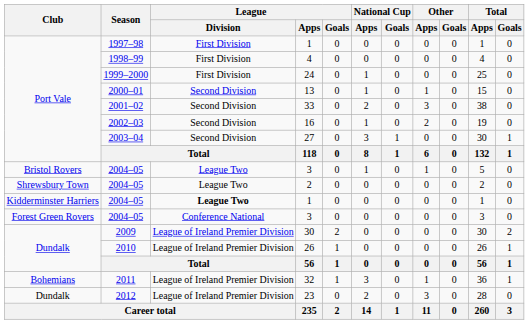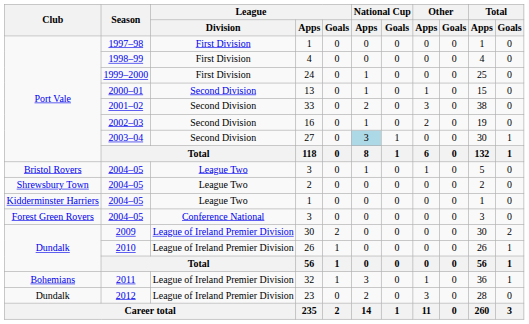 <table class="wikitable" style="text-align:center">
 <tr>
 <th rowspan="2">Club</th>
 <th rowspan="2">Season</th>
 <th colspan="3">League</th>
 <th colspan="2">National Cup</th>
 <th colspan="2">Other</th>
 <th colspan="2">Total</th>
 </tr>
 <tr>
 <th>Division</th>
 <th>Apps</th>
 <th>Goals</th>
 <th>Apps</th>
 <th>Goals</th>
 <th>Apps</th>
 <th>Goals</th>
 <th>Apps</th>
 <th>Goals</th>
 </tr>
 <tr>
 <td rowspan="8"><a href='#'>Port Vale</a></td>
 <td><a href='#'>1997–98</a></td>
 <td><a href='#'>First Division</a></td>
 <td>1</td>
 <td>0</td>
 <td>0</td>
 <td>0</td>
 <td>0</td>
 <td>0</td>
 <td>1</td>
 <td>0</td>
 </tr>
 <tr>
 <td><a href='#'>1998–99</a></td>
 <td>First Division</td>
 <td>4</td>
 <td>0</td>
 <td>0</td>
 <td>0</td>
 <td>0</td>
 <td>0</td>
 <td>4</td>
 <td>0</td>
 </tr>
 <tr>
 <td><a href='#'>1999–2000</a></td>
 <td>First Division</td>
 <td>24</td>
 <td>0</td>
 <td>1</td>
 <td>0</td>
 <td>0</td>
 <td>0</td>
 <td>25</td>
 <td>0</td>
 </tr>
 <tr>
 <td><a href='#'>2000–01</a></td>
 <td><a href='#'>Second Division</a></td>
 <td>13</td>
 <td>0</td>
 <td>1</td>
 <td>0</td>
 <td>1</td>
 <td>0</td>
 <td>15</td>
 <td>0</td>
 </tr>
 <tr>
 <td><a href='#'>2001–02</a></td>
 <td>Second Division</td>
 <td>33</td>
 <td>0</td>
 <td>2</td>
 <td>0</td>
 <td>3</td>
 <td>0</td>
 <td>38</td>
 <td>0</td>
 </tr>
 <tr>
 <td><a href='#'>2002–03</a></td>
 <td>Second Division</td>
 <td>16</td>
 <td>0</td>
 <td>1</td>
 <td>0</td>
 <td>2</td>
 <td>0</td>
 <td>19</td>
 <td>0</td>
 </tr>
 <tr>
 <td><a href='#'>2003–04</a></td>
 <td>Second Division</td>
 <td>27</td>
 <td>0</td>
-<td>3</td>
+<td style="background: lightblue;">3</td>
 <td>1</td>
 <td>0</td>
 <td>0</td>
 <td>30</td>
 <td>1</td>
 </tr>
 <tr>
 <th colspan="2">Total</th>
 <th>118</th>
 <th>0</th>
 <th>8</th>
 <th>1</th>
 <th>6</th>
 <th>0</th>
 <th>132</th>
 <th>1</th>
 </tr>
 <tr>
 <td><a href='#'>Bristol Rovers</a></td>
 <td><a href='#'>2004–05</a></td>
 <td><a href='#'>League Two</a></td>
 <td>3</td>
 <td>0</td>
 <td>1</td>
 <td>0</td>
 <td>1</td>
 <td>0</td>
 <td>5</td>
 <td>0</td>
 </tr>
 <tr>
 <td><a href='#'>Shrewsbury Town</a></td>
 <td><a href='#'>2004–05</a></td>
 <td>League Two</td>
 <td>2</td>
 <td>0</td>
 <td>0</td>
 <td>0</td>
 <td>0</td>
 <td>0</td>
 <td>2</td>
 <td>0</td>
 </tr>
 <tr>
 <td><a href='#'>Kidderminster Harriers</a></td>
 <td><a href='#'>2004–05</a></td>
-<td><strong>League Two</strong></td>
+<td>League Two</td>
 <td>1</td>
 <td>0</td>
 <td>0</td>
 <td>0</td>
 <td>0</td>
 <td>0</td>
 <td>1</td>
 <td>0</td>
 </tr>
 <tr>
 <td><a href='#'>Forest Green Rovers</a></td>
 <td><a href='#'>2004–05</a></td>
 <td><a href='#'>Conference National</a></td>
 <td>3</td>
 <td>0</td>
 <td>0</td>
 <td>0</td>
 <td>0</td>
 <td>0</td>
 <td>3</td>
 <td>0</td>
 </tr>
 <tr>
 <td rowspan="3"><a href='#'>Dundalk</a></td>
 <td><a href='#'>2009</a></td>
 <td><a href='#'>League of Ireland Premier Division</a></td>
 <td>30</td>
 <td>2</td>
 <td>0</td>
 <td>0</td>
 <td>0</td>
 <td>0</td>
 <td>30</td>
 <td>2</td>
 </tr>
 <tr>
 <td><a href='#'>2010</a></td>
 <td>League of Ireland Premier Division</td>
 <td>26</td>
 <td>1</td>
 <td>0</td>
 <td>0</td>
 <td>0</td>
 <td>0</td>
 <td>26</td>
 <td>1</td>
 </tr>
 <tr>
 <th colspan="2">Total</th>
 <th>56</th>
 <th>1</th>
 <th>0</th>
 <th>0</th>
 <th>0</th>
 <th>0</th>
 <th>56</th>
 <th>1</th>
 </tr>
 <tr>
 <td><a href='#'>Bohemians</a></td>
 <td><a href='#'>2011</a></td>
 <td>League of Ireland Premier Division</td>
 <td>32</td>
 <td>1</td>
 <td>3</td>
 <td>0</td>
 <td>1</td>
 <td>0</td>
 <td>36</td>
 <td>1</td>
 </tr>
 <tr>
 <td>Dundalk</td>
 <td><a href='#'>2012</a></td>
 <td>League of Ireland Premier Division</td>
 <td>23</td>
 <td>0</td>
 <td>2</td>
 <td>0</td>
 <td>3</td>
 <td>0</td>
 <td>28</td>
 <td>0</td>
 </tr>
 <tr>
 <th colspan="3">Career total</th>
 <th>235</th>
 <th>2</th>
 <th>14</th>
 <th>1</th>
 <th>11</th>
 <th>0</th>
 <th>260</th>
 <th>3</th>
 </tr>
 </table>
